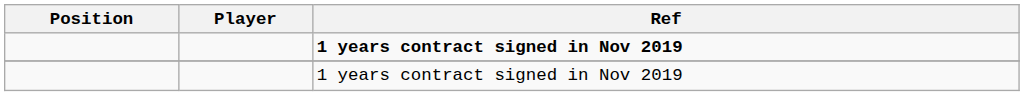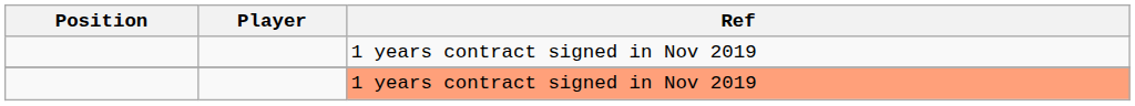 <table class="wikitable sortable" style="width:60%; text-align:center; font-size:100%; text-align:left;">
 <tr>
 <th>Position</th>
 <th>Player</th>
 <th>Ref</th>
 </tr>
 <tr>
 <td></td>
 <td></td>
-<td><strong>1 years contract signed in Nov 2019 </strong></td>
+<td>1 years contract signed in Nov 2019 </td>
 </tr>
 <tr>
 </tr>
 <tr>
 <td></td>
 <td></td>
-<td>1 years contract signed in Nov 2019 </td>
+<td style="background: lightsalmon;">1 years contract signed in Nov 2019 </td>
 </tr>
 </table>
